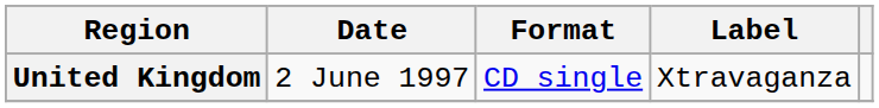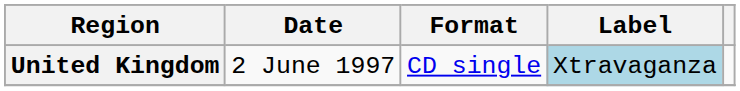 <table class="wikitable plainrowheaders">
 <tr>
 <th>Region</th>
 <th>Date</th>
 <th>Format</th>
 <th>Label</th>
 <th></th>
 </tr>
 <tr>
 <th scope="row">United Kingdom</th>
 <td>2 June 1997</td>
 <td><a href='#'>CD single</a></td>
-<td>Xtravaganza</td>
+<td style="background: lightblue;">Xtravaganza</td>
 <td></td>
 </tr>
 <tr>
 </tr>
 </table>
